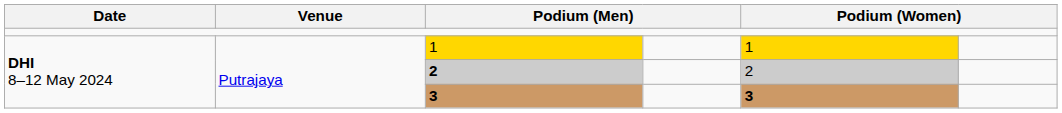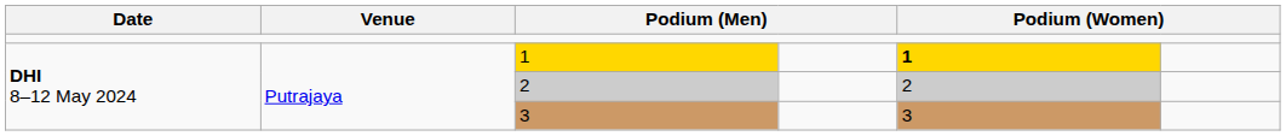 <table class="wikitable" width=70%>
 <tr>
 <th>Date</th>
 <th width=20%>Venue</th>
 <th colspan=2 width=30%>Podium (Men)</th>
 <th colspan=2 width=30%>Podium (Women)</th>
 </tr>
 <tr>
 <td colspan=6></td>
 </tr>
 <tr>
 <td rowspan=3><strong>DHI</strong> <br> 8–12 May 2024</td>
 <td rowspan=3><br><a href='#'>Putrajaya</a></td>
 <td bgcolor=FFD700>1</td>
 <td></td>
-<td bgcolor=FFD700>1</td>
+<td bgcolor=FFD700><strong>1</strong></td>
 <td></td>
 </tr>
 <tr>
-<td bgcolor=CCCCCC><strong>2</strong></td>
+<td bgcolor=CCCCCC>2</td>
 <td></td>
 <td bgcolor=CCCCCC>2</td>
 <td></td>
 </tr>
 <tr>
-<td bgcolor=CC9966><strong>3</strong></td>
+<td bgcolor=CC9966>3</td>
 <td></td>
-<td bgcolor=CC9966><strong>3</strong></td>
+<td bgcolor=CC9966>3</td>
 <td></td>
 </tr>
 </table>
